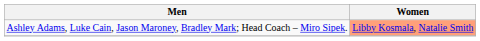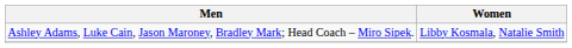 <table class="wikitable">
 <tr>
 <th>Men</th>
 <th>Women</th>
 </tr>
 <tr>
 <td><a href='#'>Ashley Adams</a>, <a href='#'>Luke Cain</a>, <a href='#'>Jason Maroney</a>, <a href='#'>Bradley Mark</a>; Head Coach – <a href='#'>Miro Sipek</a>.</td>
-<td style="background: lightsalmon;"><a href='#'>Libby Kosmala</a>, <a href='#'>Natalie Smith</a></td>
+<td><a href='#'>Libby Kosmala</a>, <a href='#'>Natalie Smith</a></td>
 </tr>
 <tr>
 </tr>
 </table>
